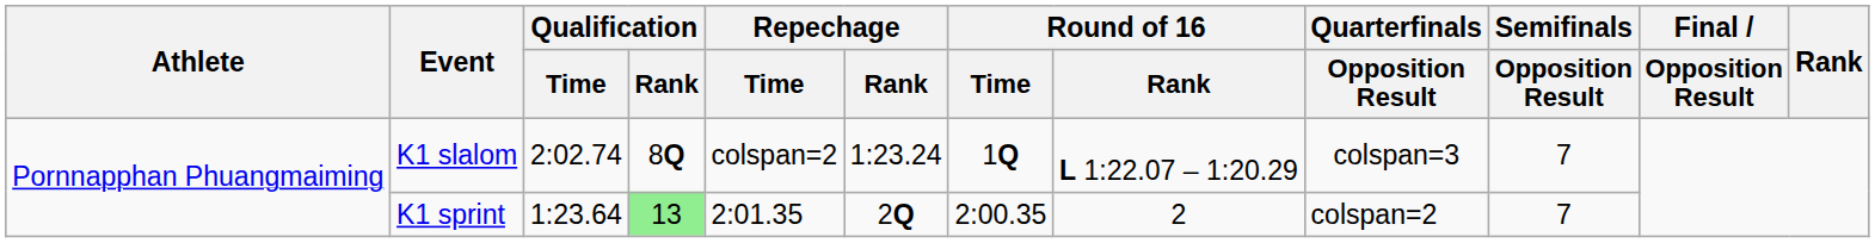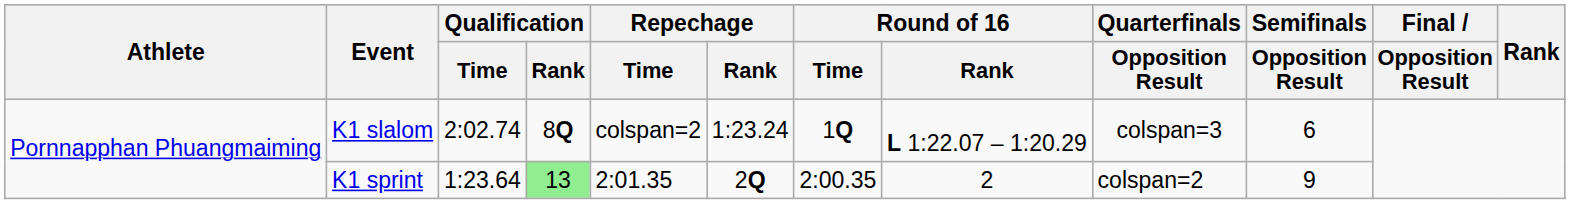 <table class="wikitable" style="font-size:90%;">
 <tr>
 <th rowspan=2>Athlete</th>
 <th rowspan=2>Event</th>
 <th colspan=2>Qualification</th>
 <th colspan=2>Repechage</th>
 <th colspan=2>Round of 16</th>
 <th>Quarterfinals</th>
 <th>Semifinals</th>
 <th>Final / </th>
 <th rowspan=2>Rank</th>
 </tr>
 <tr style="font-size:95%">
 <th>Time</th>
 <th>Rank</th>
 <th>Time</th>
 <th>Rank</th>
 <th>Time</th>
 <th>Rank</th>
 <th>Opposition <br>Result</th>
 <th>Opposition <br>Result</th>
 <th>Opposition <br>Result</th>
 </tr>
 <tr align=center>
 <td rowspan=2 align=left><a href='#'>Pornnapphan Phuangmaiming</a></td>
 <td align=left><a href='#'>K1 slalom</a></td>
 <td>2:02.74</td>
 <td>8<strong>Q</strong></td>
 <td>colspan=2 </td>
 <td>1:23.24</td>
 <td>1<strong>Q</strong></td>
 <td><br><strong>L</strong> 1:22.07 – 1:20.29</td>
 <td>colspan=3 </td>
-<td align=center>7</td>
+<td align=center>6</td>
 </tr>
 <tr>
 <td align=left><a href='#'>K1 sprint</a></td>
 <td>1:23.64</td>
 <td align=center style="background: lightgreen;">13</td>
 <td>2:01.35</td>
 <td align=center>2<strong>Q</strong></td>
 <td>2:00.35</td>
 <td align=center>2</td>
 <td>colspan=2 </td>
-<td align=center>7</td>
+<td align=center>9</td>
 </tr>
 </table>
